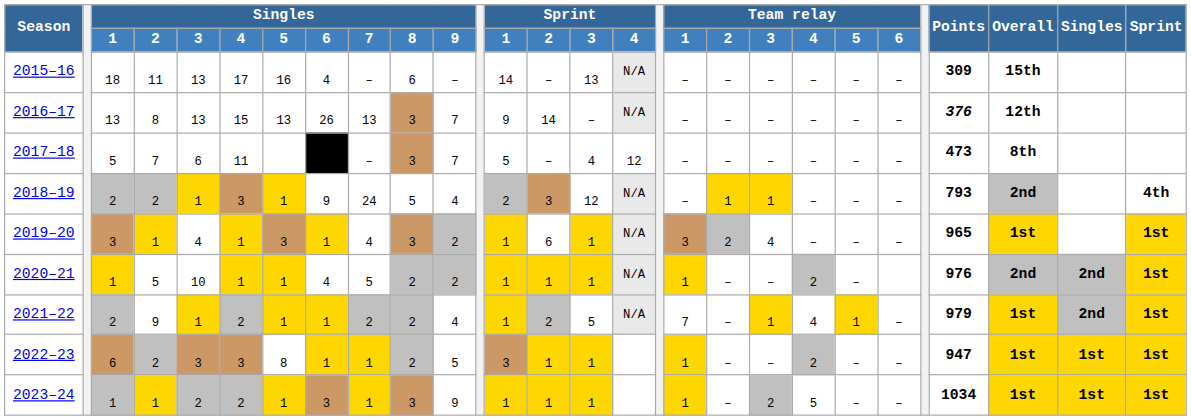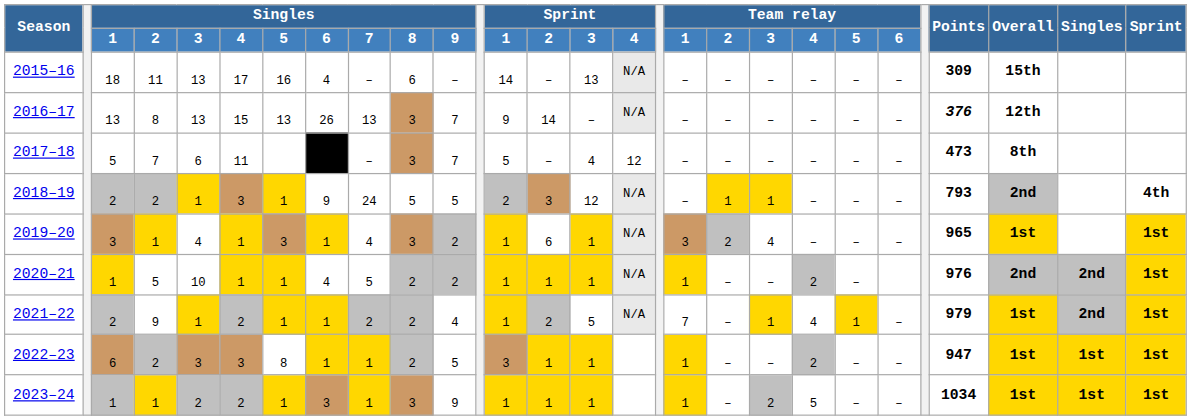 <table class="wikitable" style="font-size:95%; text-align:center; border:grey solid 1px; border-collapse:collapse; background:#ffffff;">
 <tr>
 <th rowspan="2" style="background-color:#369; color:white; width:60px">Season</th>
 <th rowspan="12" width="1px"></th>
 <th colspan="9" style="background-color:#369; color:white;">Singles</th>
 <th rowspan="12" width="1px"></th>
 <th colspan="4" style="background-color:#369; color:white;">Sprint</th>
 <th rowspan="12" width="1px"></th>
 <th colspan="6" style="background-color:#369; color:white;">Team relay</th>
 <th rowspan="12" width="1px"></th>
 <th rowspan="2" style="background-color:#369; color:white; width:40px">Points</th>
 <th rowspan="2" style="background-color:#369; color:white; width:40px">Overall</th>
 <th rowspan="2" style="background-color:#369; color:white; width:40px">Singles</th>
 <th rowspan="2" style="background-color:#369; color:white; width:40px">Sprint</th>
 </tr>
 <tr>
 <th style="background-color:#4180be; color:white; width:30px">1</th>
 <th style="background-color:#4180be; color:white; width:30px">2</th>
 <th style="background-color:#4180be; color:white; width:30px">3</th>
 <th style="background-color:#4180be; color:white; width:30px">4</th>
 <th style="background-color:#4180be; color:white; width:30px">5</th>
 <th style="background-color:#4180be; color:white; width:30px">6</th>
 <th style="background-color:#4180be; color:white; width:30px">7</th>
 <th style="background-color:#4180be; color:white; width:30px">8</th>
 <th style="background-color:#4180be; color:white; width:30px">9</th>
 <th style="background-color:#4180be; color:white; width:30px">1</th>
 <th style="background-color:#4180be; color:white; width:30px">2</th>
 <th style="background-color:#4180be; color:white; width:30px">3</th>
 <th style="background-color:#4180be; color:white; width:30px">4</th>
 <th style="background-color:#4180be; color:white; width:30px">1</th>
 <th style="background-color:#4180be; color:white; width:30px">2</th>
 <th style="background-color:#4180be; color:white; width:30px">3</th>
 <th style="background-color:#4180be; color:white; width:30px">4</th>
 <th style="background-color:#4180be; color:white; width:30px">5</th>
 <th style="background-color:#4180be; color:white; width:30px">6</th>
 </tr>
 <tr>
 <td><a href='#'>2015–16</a></td>
 <td><br><small>18</small></td>
 <td><br><small>11</small></td>
 <td><br><small>13</small></td>
 <td><br><small>17</small></td>
 <td><br><small>16</small></td>
 <td><br><small>4</small></td>
 <td><br><small>–</small></td>
 <td><br><small>6</small></td>
 <td><br><small>–</small></td>
 <td><br><small>14</small></td>
 <td><br><small>–</small></td>
 <td><br><small>13</small></td>
 <td bgcolor=#E9E9E9><small>N/A</small></td>
 <td><br><small>–</small></td>
 <td><br><small>–</small></td>
 <td><br><small>–</small></td>
 <td><br><small>–</small></td>
 <td><br><small>–</small></td>
 <td><br><small>–</small></td>
 <td><strong>309</strong></td>
 <td><strong>15th</strong></td>
 <td></td>
 <td></td>
 </tr>
 <tr>
 <td><a href='#'>2016–17</a></td>
 <td><br><small>13</small></td>
 <td><br><small>8</small></td>
 <td><br><small>13</small></td>
 <td><br><small>15</small></td>
 <td><br><small>13</small></td>
 <td><br><small>26</small></td>
 <td><br><small>13</small></td>
 <td style="background:#cc9966;"><br><small>3</small></td>
 <td><br><small>7</small></td>
 <td><br><small>9</small></td>
 <td><br><small>14</small></td>
 <td><br><small>–</small></td>
 <td bgcolor=#E9E9E9><small>N/A</small></td>
 <td><br><small>–</small></td>
 <td><br><small>–</small></td>
 <td><br><small>–</small></td>
 <td><br><small>–</small></td>
 <td><br><small>–</small></td>
 <td><br><small>–</small></td>
 <td><strong><em>376</em></strong></td>
 <td><strong>12th</strong></td>
 <td></td>
 <td></td>
 </tr>
 <tr>
 <td><a href='#'>2017–18</a></td>
 <td><br><small>5</small></td>
 <td><br><small>7</small></td>
 <td><br><small>6</small></td>
 <td><br><small>11</small></td>
 <td><br><small></small></td>
 <td style="background:#000; color:#fff;"><br><small></small></td>
 <td><br><small>–</small></td>
 <td style="background:#cc9966;"><br><small>3</small></td>
 <td><br><small>7</small></td>
 <td><br><small>5</small></td>
 <td><br><small>–</small></td>
 <td><br><small>4</small></td>
 <td><br><small>12</small></td>
 <td><br><small>–</small></td>
 <td><br><small>–</small></td>
 <td><br><small>–</small></td>
 <td><br><small>–</small></td>
 <td><br><small>–</small></td>
 <td><br><small>–</small></td>
 <td><strong>473</strong></td>
 <td><strong>8th</strong></td>
 <td></td>
 <td></td>
 </tr>
 <tr>
 <td><a href='#'>2018–19</a></td>
 <td style="background:silver;"><br><small>2</small></td>
 <td style="background:silver;"><br><small>2</small></td>
 <td style="background:gold;"><br><small>1</small></td>
 <td style="background:#cc9966;"><br><small>3</small></td>
 <td style="background:gold;"><br><small>1</small></td>
 <td><br><small>9</small></td>
 <td><br><small>24</small></td>
 <td><br><small>5</small></td>
-<td><br><small>4</small></td>
+<td><br><small>5</small></td>
 <td style="background:silver;"><br><small>2</small></td>
 <td style="background:#cc9966;"><br><small>3</small></td>
 <td><br><small>12</small></td>
 <td bgcolor=#E9E9E9><small>N/A</small></td>
 <td><br><small>–</small></td>
 <td style="background:gold;"><br><small>1</small></td>
 <td style="background:gold;"><br><small>1</small></td>
 <td><br><small>–</small></td>
 <td><br><small>–</small></td>
 <td><br><small>–</small></td>
 <td><strong>793</strong></td>
 <td style="background:silver;"><strong>2nd</strong></td>
 <td></td>
 <td><strong>4th</strong></td>
 </tr>
 <tr>
 <td><a href='#'>2019–20</a></td>
 <td style="background:#cc9966;"><br><small>3</small></td>
 <td style="background:gold;"><br><small>1</small></td>
 <td><br><small>4</small></td>
 <td style="background:gold;"><br><small>1</small></td>
 <td style="background:#cc9966;"><br><small>3</small></td>
 <td style="background:gold;"><br><small>1</small></td>
 <td><br><small>4</small></td>
 <td style="background:#cc9966;"><br><small>3</small></td>
 <td style="background:silver;"><br><small>2</small></td>
 <td style="background:gold;"><br><small>1</small></td>
 <td><br><small>6</small></td>
 <td style="background:gold;"><br><small>1</small></td>
 <td bgcolor=#E9E9E9><small>N/A</small></td>
 <td style="background:#cc9966;"><br><small>3</small></td>
 <td style="background:silver;"><br><small>2</small></td>
 <td><br><small>4</small></td>
 <td><br><small>–</small></td>
 <td><br><small>–</small></td>
 <td><br><small>–</small></td>
 <td><strong>965</strong></td>
 <td style="background:gold;"><strong>1st</strong></td>
 <td></td>
 <td style="background:gold;"><strong>1st</strong></td>
 </tr>
 <tr>
 <td><a href='#'>2020–21</a></td>
 <td style="background:gold;"><br><small>1</small></td>
 <td><br><small>5</small></td>
 <td><br><small>10</small></td>
 <td style="background:gold;"><br><small>1</small></td>
 <td style="background:gold;"><br><small>1</small></td>
 <td><br><small>4</small></td>
 <td><br><small>5</small></td>
 <td style="background:silver;"><br><small>2</small></td>
 <td style="background:silver;"><br><small>2</small></td>
 <td style="background:gold;"><br><small>1</small></td>
 <td style="background:gold;"><br><small>1</small></td>
 <td style="background:gold;"><br><small>1</small></td>
 <td bgcolor=#E9E9E9><small>N/A</small></td>
 <td style="background:gold;"><br><small>1</small></td>
 <td><br><small>–</small></td>
 <td><br><small>–</small></td>
 <td style="background:silver;"><br><small>2</small></td>
 <td><br><small>–</small></td>
 <td><br><small></small></td>
 <td><strong>976</strong></td>
 <td style="background:silver;"><strong>2nd</strong></td>
 <td style="background:silver;"><strong>2nd</strong></td>
 <td style="background:gold;"><strong>1st</strong></td>
 </tr>
 <tr>
 <td><a href='#'>2021–22</a></td>
 <td style="background:silver;"><br><small>2</small></td>
 <td><br><small>9</small></td>
 <td style="background:gold;"><br><small>1</small></td>
 <td style="background:silver;"><br><small>2</small></td>
 <td style="background:gold;"><br><small>1</small></td>
 <td style="background:gold;"><br><small>1</small></td>
 <td style="background:silver;"><br><small>2</small></td>
 <td style="background:silver;"><br><small>2</small></td>
 <td><br><small>4</small></td>
 <td style="background:gold;"><br><small>1</small></td>
 <td style="background:silver;"><br><small>2</small></td>
 <td><br><small>5</small></td>
 <td bgcolor=#E9E9E9><small>N/A</small></td>
 <td><br><small>7</small></td>
 <td><br><small>–</small></td>
 <td style="background:gold;"><br><small>1</small></td>
 <td><br><small>4</small></td>
 <td style="background:gold;"><br><small>1</small></td>
 <td><br><small>–</small></td>
 <td><strong>979</strong></td>
 <td style="background:gold;"><strong>1st</strong></td>
 <td style="background:silver;"><strong>2nd</strong></td>
 <td style="background:gold;"><strong>1st</strong></td>
 </tr>
 <tr>
 <td><a href='#'>2022–23</a></td>
 <td style="background:#cc9966;"><br><small>6</small></td>
 <td style="background:silver;"><br><small>2</small></td>
 <td style="background:#cc9966;"><br><small>3</small></td>
 <td style="background:#cc9966;"><br><small>3</small></td>
 <td><br><small>8</small></td>
 <td style="background:gold;"><br><small>1</small></td>
 <td style="background:gold;"><br><small>1</small></td>
 <td style="background:silver;"><br><small>2</small></td>
 <td><br><small>5 </small></td>
 <td style="background:#cc9966;"><br><small>3</small></td>
 <td style="background:gold;"><br><small>1</small></td>
 <td style="background:gold;"><br><small> 1</small></td>
 <td></td>
 <td style="background:gold;"><br><small>1</small></td>
 <td><br><small>–</small></td>
 <td><br><small>–</small></td>
 <td style="background:silver;"><br><small>2</small></td>
 <td><br><small>–</small></td>
 <td><br><small>–</small></td>
 <td><strong>947</strong></td>
 <td style="background:gold;"><strong>1st</strong></td>
 <td style="background:gold;"><strong>1st</strong></td>
 <td style="background:gold;"><strong>1st</strong></td>
 </tr>
 <tr>
 <td><a href='#'>2023–24</a></td>
 <td style="background:silver;"><br><small>1</small></td>
 <td style="background:gold;"><br><small>1</small></td>
 <td style="background:silver;"><br><small>2</small></td>
 <td style="background:silver;"><br><small>2</small></td>
 <td style="background:gold;"><br><small>1</small></td>
 <td style="background:#cc9966;"><br><small>3</small></td>
 <td style="background:gold;"><br><small>1</small></td>
 <td style="background:#cc9966;"><br><small>3</small></td>
 <td><br><small>9 </small></td>
 <td style="background:gold;"><br><small>1</small></td>
 <td style="background:gold;"><br><small>1</small></td>
 <td style="background:gold;"><br><small> 1</small></td>
 <td></td>
 <td style="background:gold;"><br><small>1</small></td>
 <td><br><small>–</small></td>
 <td style="background:silver;"><br><small>2</small></td>
 <td><br><small>5</small></td>
 <td><br><small>–</small></td>
 <td><br><small>–</small></td>
 <td><strong>1034</strong></td>
 <td style="background:gold;"><strong>1st</strong></td>
 <td style="background:gold;"><strong>1st</strong></td>
 <td style="background:gold;"><strong>1st</strong></td>
 </tr>
 </table>
